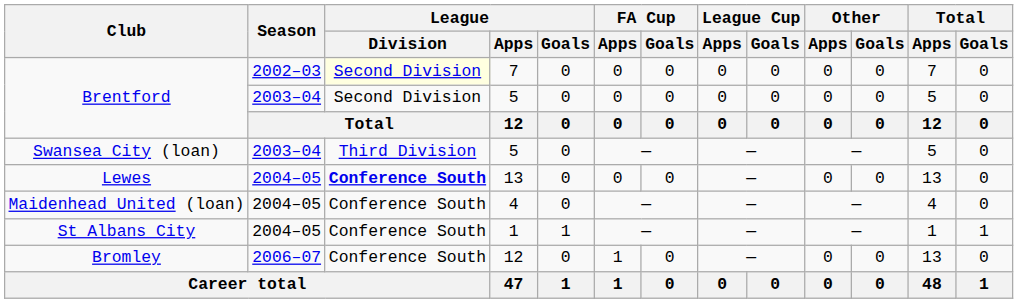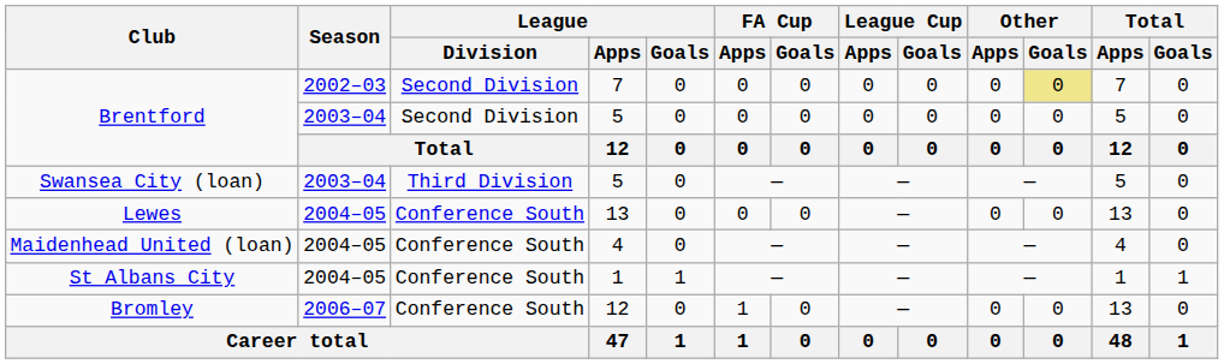 <table class="wikitable" style="text-align: center;">
 <tr>
 <th rowspan="2">Club</th>
 <th rowspan="2">Season</th>
 <th colspan="3">League</th>
 <th colspan="2">FA Cup</th>
 <th colspan="2">League Cup</th>
 <th colspan="2">Other</th>
 <th colspan="2">Total</th>
 </tr>
 <tr>
 <th>Division</th>
 <th>Apps</th>
 <th>Goals</th>
 <th>Apps</th>
 <th>Goals</th>
 <th>Apps</th>
 <th>Goals</th>
 <th>Apps</th>
 <th>Goals</th>
 <th>Apps</th>
 <th>Goals</th>
 </tr>
 <tr>
 <td rowspan="3"><a href='#'>Brentford</a></td>
 <td><a href='#'>2002–03</a></td>
-<td style="background: lightyellow;"><a href='#'>Second Division</a></td>
+<td><a href='#'>Second Division</a></td>
 <td>7</td>
 <td>0</td>
 <td>0</td>
 <td>0</td>
 <td>0</td>
 <td>0</td>
 <td>0</td>
-<td>0</td>
+<td style="background: khaki;">0</td>
 <td>7</td>
 <td>0</td>
 </tr>
 <tr>
 <td><a href='#'>2003–04</a></td>
 <td>Second Division</td>
 <td>5</td>
 <td>0</td>
 <td>0</td>
 <td>0</td>
 <td>0</td>
 <td>0</td>
 <td>0</td>
 <td>0</td>
 <td>5</td>
 <td>0</td>
 </tr>
 <tr>
 <th colspan="2">Total</th>
 <th>12</th>
 <th>0</th>
 <th>0</th>
 <th>0</th>
 <th>0</th>
 <th>0</th>
 <th>0</th>
 <th>0</th>
 <th>12</th>
 <th>0</th>
 </tr>
 <tr>
 <td><a href='#'>Swansea City</a> (loan)</td>
 <td><a href='#'>2003–04</a></td>
 <td><a href='#'>Third Division</a></td>
 <td>5</td>
 <td>0</td>
 <td colspan="2">—</td>
 <td colspan="2">—</td>
 <td colspan="2">—</td>
 <td>5</td>
 <td>0</td>
 </tr>
 <tr>
 <td><a href='#'>Lewes</a></td>
 <td><a href='#'>2004–05</a></td>
-<td><strong><a href='#'>Conference South</a></strong></td>
+<td><a href='#'>Conference South</a></td>
 <td>13</td>
 <td>0</td>
 <td>0</td>
 <td>0</td>
 <td colspan="2">—</td>
 <td>0</td>
 <td>0</td>
 <td>13</td>
 <td>0</td>
 </tr>
 <tr>
 <td><a href='#'>Maidenhead United</a> (loan)</td>
 <td>2004–05</td>
 <td>Conference South</td>
 <td>4</td>
 <td>0</td>
 <td colspan="2">—</td>
 <td colspan="2">—</td>
 <td colspan="2">—</td>
 <td>4</td>
 <td>0</td>
 </tr>
 <tr>
 <td><a href='#'>St Albans City</a></td>
 <td>2004–05</td>
 <td>Conference South</td>
 <td>1</td>
 <td>1</td>
 <td colspan="2">—</td>
 <td colspan="2">—</td>
 <td colspan="2">—</td>
 <td>1</td>
 <td>1</td>
 </tr>
 <tr>
 <td><a href='#'>Bromley</a></td>
 <td><a href='#'>2006–07</a></td>
 <td>Conference South</td>
 <td>12</td>
 <td>0</td>
 <td>1</td>
 <td>0</td>
 <td colspan="2">—</td>
 <td>0</td>
 <td>0</td>
 <td>13</td>
 <td>0</td>
 </tr>
 <tr>
 <th colspan="3">Career total</th>
 <th>47</th>
 <th>1</th>
 <th>1</th>
 <th>0</th>
 <th>0</th>
 <th>0</th>
 <th>0</th>
 <th>0</th>
 <th>48</th>
 <th>1</th>
 </tr>
 </table>
